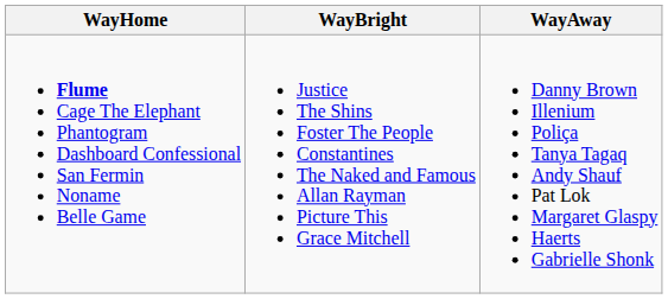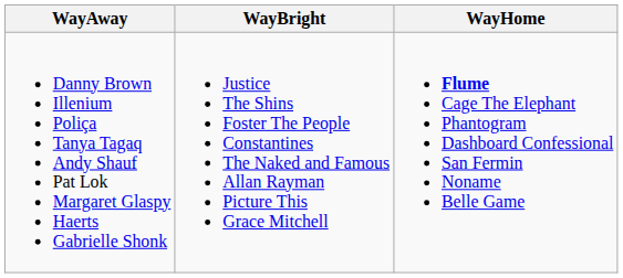 <table class="wikitable">
 <tr>
+<th>WayAway</th>
+<th>WayBright</th>
 <th>WayHome</th>
-<th>WayBright</th>
-<th>WayAway</th>
 </tr>
 <tr valign="top">
+<td><br><ul><li><a href='#'>Danny Brown</a></li><li><a href='#'>Illenium</a></li><li><a href='#'>Poliça</a></li><li><a href='#'>Tanya Tagaq</a></li><li><a href='#'>Andy Shauf</a></li><li>Pat Lok</li><li><a href='#'>Margaret Glaspy</a></li><li><a href='#'>Haerts</a></li><li><a href='#'>Gabrielle Shonk</a></li></ul></td>
+<td><br><ul><li><a href='#'>Justice</a></li><li><a href='#'>The Shins</a></li><li><a href='#'>Foster The People</a></li><li><a href='#'>Constantines</a></li><li><a href='#'>The Naked and Famous</a></li><li><a href='#'>Allan Rayman</a></li><li><a href='#'>Picture This</a></li><li><a href='#'>Grace Mitchell</a></li></ul></td>
 <td><br><ul><li><strong><a href='#'>Flume</a></strong></li><li><a href='#'>Cage The Elephant</a></li><li><a href='#'>Phantogram</a></li><li><a href='#'>Dashboard Confessional</a></li><li><a href='#'>San Fermin</a></li><li><a href='#'>Noname</a></li><li><a href='#'>Belle Game</a></li></ul></td>
-<td><br><ul><li><a href='#'>Justice</a></li><li><a href='#'>The Shins</a></li><li><a href='#'>Foster The People</a></li><li><a href='#'>Constantines</a></li><li><a href='#'>The Naked and Famous</a></li><li><a href='#'>Allan Rayman</a></li><li><a href='#'>Picture This</a></li><li><a href='#'>Grace Mitchell</a></li></ul></td>
-<td><br><ul><li><a href='#'>Danny Brown</a></li><li><a href='#'>Illenium</a></li><li><a href='#'>Poliça</a></li><li><a href='#'>Tanya Tagaq</a></li><li><a href='#'>Andy Shauf</a></li><li>Pat Lok</li><li><a href='#'>Margaret Glaspy</a></li><li><a href='#'>Haerts</a></li><li><a href='#'>Gabrielle Shonk</a></li></ul></td>
 </tr>
 </table>
